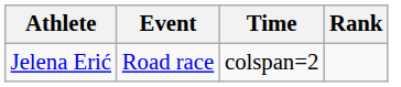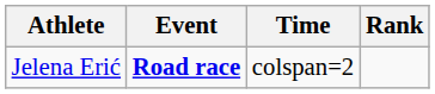 <table class=wikitable style="font-size:90%">
 <tr>
 <th>Athlete</th>
 <th>Event</th>
 <th>Time</th>
 <th>Rank</th>
 </tr>
 <tr align=center>
 <td align=left><a href='#'>Jelena Erić</a></td>
-<td align=left><a href='#'>Road race</a></td>
+<td align=left><strong><a href='#'>Road race</a></strong></td>
 <td>colspan=2 </td>
 </tr>
 </table>
